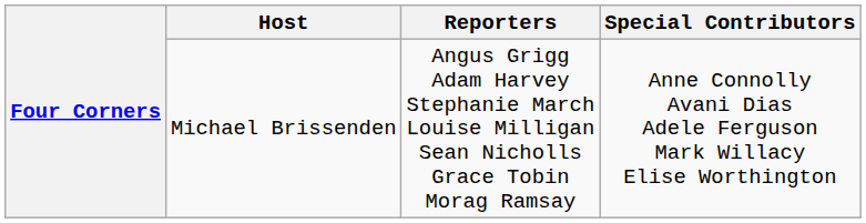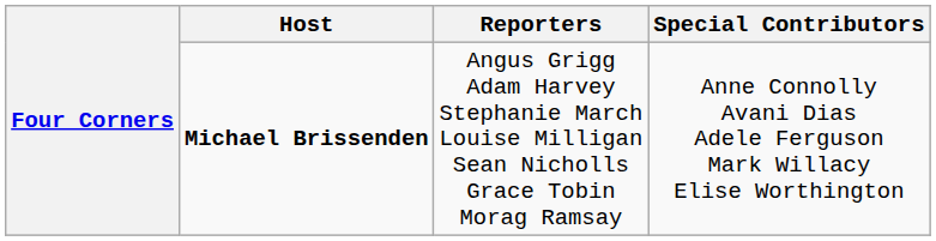 <table class="wikitable">
 <tr>
 <th rowspan=2><a href='#'>Four Corners</a></th>
 <th>Host</th>
 <th>Reporters</th>
 <th>Special Contributors</th>
 </tr>
 <tr style="text-align:center">
-<td>Michael Brissenden</td>
+<td><strong>Michael Brissenden</strong></td>
 <td>Angus Grigg<br>Adam Harvey<br>Stephanie March<br>Louise Milligan<br>Sean Nicholls<br>Grace Tobin<br>Morag Ramsay</td>
 <td>Anne Connolly<br>Avani Dias<br>Adele Ferguson<br>Mark Willacy<br>Elise Worthington</td>
 </tr>
 </table>
